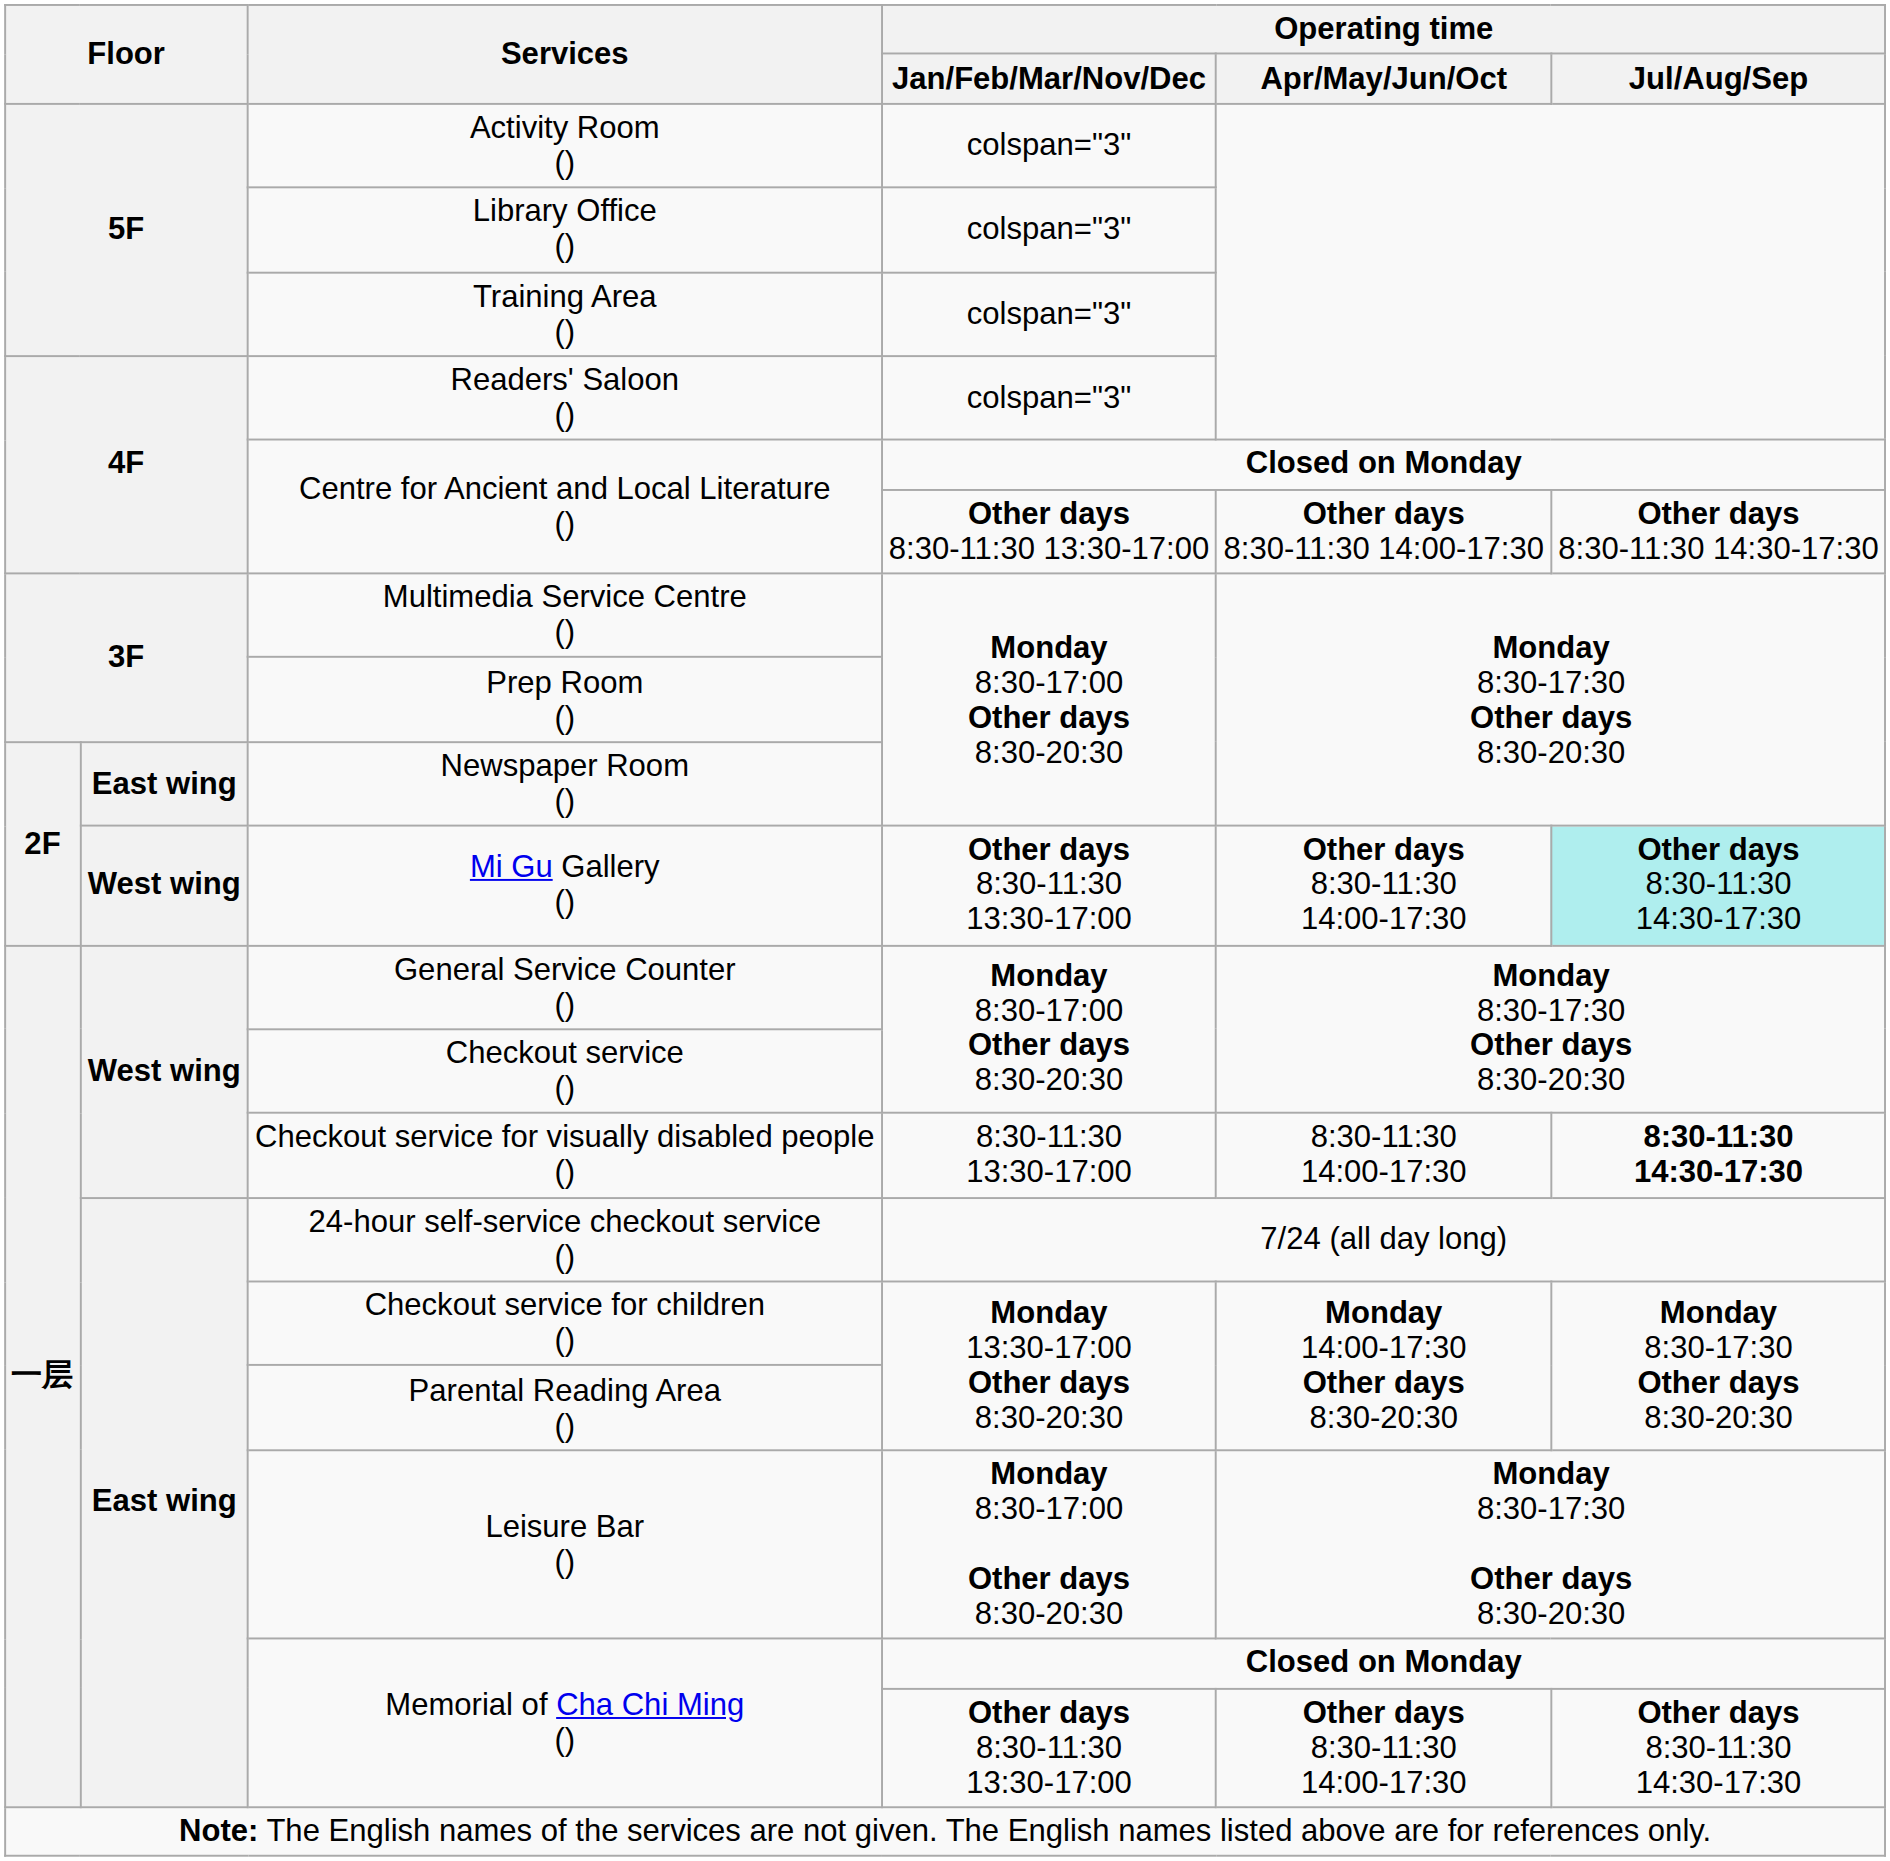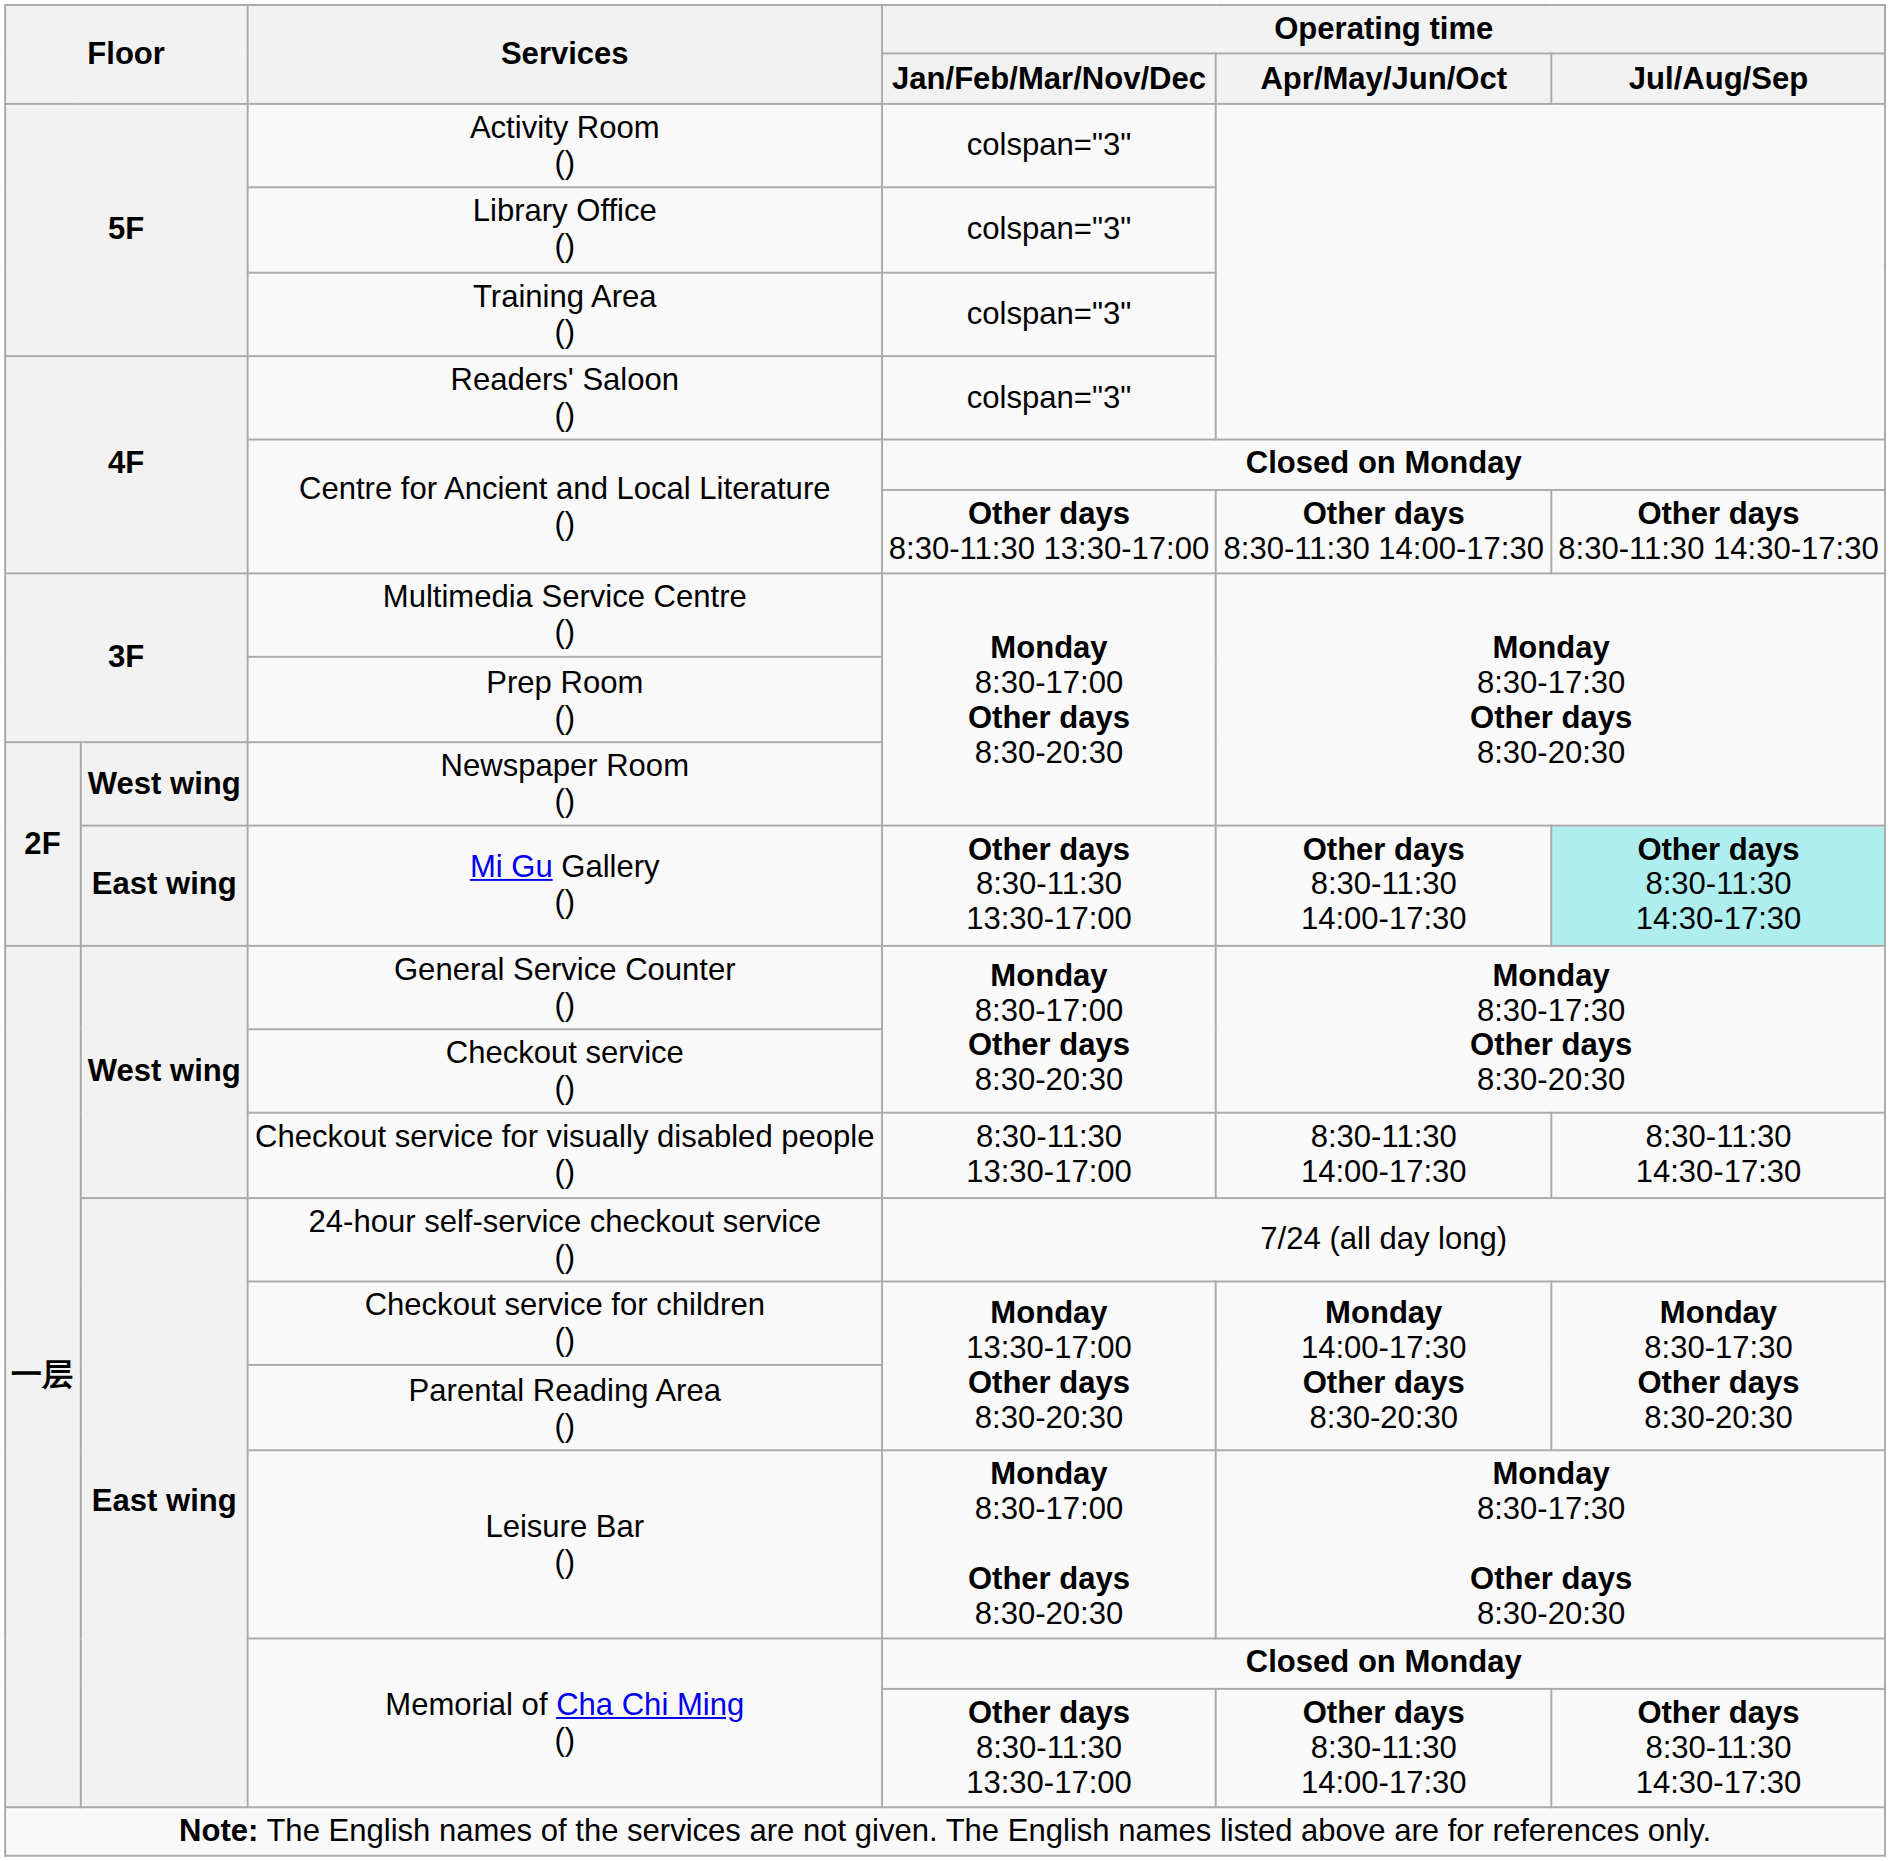 <table class="wikitable" style="margin: 1em auto 1em auto; text-align:center">
 <tr>
 <th colspan="2" rowspan="2">Floor</th>
 <th rowspan="2">Services</th>
 <th colspan="3">Operating time</th>
 </tr>
 <tr>
 <th>Jan/Feb/Mar/Nov/Dec</th>
 <th>Apr/May/Jun/Oct</th>
 <th>Jul/Aug/Sep</th>
 </tr>
 <tr>
 <th colspan="2" rowspan="3">5F</th>
 <td>Activity Room<br>()</td>
 <td>colspan="3" </td>
 </tr>
 <tr>
 <td>Library Office<br>()</td>
 <td>colspan="3" </td>
 </tr>
 <tr>
 <td>Training Area<br>()</td>
 <td>colspan="3" </td>
 </tr>
 <tr>
 <th colspan="2" rowspan="3">4F</th>
 <td>Readers' Saloon<br>()</td>
 <td>colspan="3" </td>
 </tr>
 <tr>
 <td rowspan="2">Centre for Ancient and Local Literature<br>()</td>
 <td colspan="3"><strong>Closed on Monday</strong></td>
 </tr>
 <tr>
 <td><strong>Other days</strong><br>8:30-11:30 13:30-17:00</td>
 <td><strong>Other days</strong><br>8:30-11:30 14:00-17:30</td>
 <td><strong>Other days</strong><br>8:30-11:30 14:30-17:30</td>
 </tr>
 <tr>
 <th colspan="2" rowspan="2">3F</th>
 <td>Multimedia Service Centre<br>()</td>
 <td rowspan="3"><strong>Monday</strong><br>8:30-17:00<br><strong>Other days</strong><br>8:30-20:30</td>
 <td colspan="2" rowspan="3"><strong>Monday</strong><br>8:30-17:30<br><strong>Other days</strong><br>8:30-20:30</td>
 </tr>
 <tr>
 <td>Prep Room<br>()</td>
 </tr>
 <tr>
 <th rowspan="2">2F</th>
-<th>East wing</th>
+<th>West wing</th>
 <td>Newspaper Room<br>()</td>
 </tr>
 <tr>
-<th>West wing</th>
+<th>East wing</th>
 <td><a href='#'>Mi Gu</a> Gallery<br>()</td>
 <td><strong>Other days</strong><br>8:30-11:30<br>13:30-17:00</td>
 <td><strong>Other days</strong><br>8:30-11:30<br>14:00-17:30</td>
 <td style="background: paleturquoise;"><strong>Other days</strong><br>8:30-11:30<br>14:30-17:30</td>
 </tr>
 <tr>
 <th rowspan="9">一层</th>
 <th rowspan="3">West wing</th>
 <td>General Service Counter<br>()</td>
 <td rowspan="2"><strong>Monday</strong><br>8:30-17:00<br><strong>Other days</strong><br>8:30-20:30</td>
 <td colspan="2" rowspan="2"><strong>Monday</strong><br>8:30-17:30<br><strong>Other days</strong><br>8:30-20:30</td>
 </tr>
 <tr>
 <td>Checkout service<br>()</td>
 </tr>
 <tr>
 <td>Checkout service for visually disabled people<br>()</td>
 <td>8:30-11:30<br>13:30-17:00</td>
 <td>8:30-11:30<br>14:00-17:30</td>
-<td><strong>8:30-11:30<br>14:30-17:30</strong></td>
+<td>8:30-11:30<br>14:30-17:30</td>
 </tr>
 <tr>
 <th rowspan="6">East wing</th>
 <td>24-hour self-service checkout service<br>()</td>
 <td colspan="3">7/24 (all day long)</td>
 </tr>
 <tr>
 <td>Checkout service for children<br>()</td>
 <td rowspan="2"><strong>Monday</strong><br>13:30-17:00<br><strong>Other days</strong><br>8:30-20:30</td>
 <td rowspan="2"><strong>Monday</strong><br>14:00-17:30<br><strong>Other days</strong><br>8:30-20:30</td>
 <td rowspan="2"><strong>Monday</strong><br>8:30-17:30<br><strong>Other days</strong><br>8:30-20:30</td>
 </tr>
 <tr>
 <td>Parental Reading Area<br>()</td>
 </tr>
 <tr>
 <td>Leisure Bar<br>()</td>
 <td><strong>Monday</strong><br>8:30-17:00<br><strong><br>Other days</strong><br>8:30-20:30</td>
 <td colspan="2"><strong>Monday</strong><br>8:30-17:30<br><strong><br>Other days</strong><br>8:30-20:30</td>
 </tr>
 <tr>
 <td rowspan="2">Memorial of <a href='#'>Cha Chi Ming</a><br>()</td>
 <td colspan="3"><strong>Closed on Monday</strong></td>
 </tr>
 <tr>
 <td><strong>Other days</strong><br>8:30-11:30<br>13:30-17:00</td>
 <td><strong>Other days</strong><br>8:30-11:30<br>14:00-17:30</td>
 <td><strong>Other days</strong><br>8:30-11:30<br>14:30-17:30</td>
 </tr>
 <tr>
 <td colspan="6"><strong>Note:</strong> The English names of the services are not given. The English names listed above are for references only.</td>
 </tr>
 </table>
